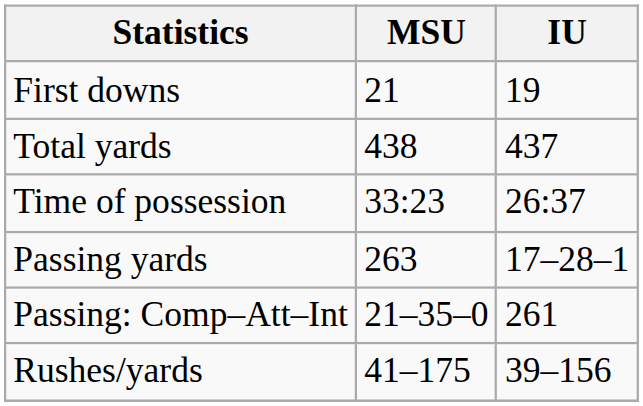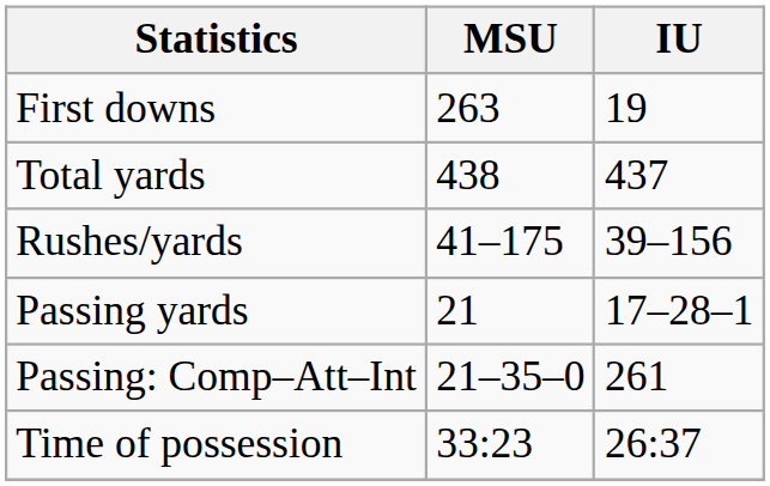 <table class="wikitable" style="float: left;">
 <tr>
 <th>Statistics</th>
 <th>MSU</th>
 <th>IU</th>
 </tr>
 <tr>
 <td>First downs</td>
-<td>21</td>
+<td>263</td>
 <td>19</td>
 </tr>
 <tr>
 <td>Total yards</td>
 <td>438</td>
 <td>437</td>
 </tr>
 <tr>
-<td>Time of possession</td>
-<td>33:23</td>
-<td>26:37</td>
+<td>Rushes/yards</td>
+<td>41–175</td>
+<td>39–156</td>
 </tr>
 <tr>
 <td>Passing yards</td>
-<td>263</td>
+<td>21</td>
 <td>17–28–1</td>
 </tr>
 <tr>
 <td>Passing: Comp–Att–Int</td>
 <td>21–35–0</td>
 <td>261</td>
 </tr>
 <tr>
-<td>Rushes/yards</td>
-<td>41–175</td>
-<td>39–156</td>
+<td>Time of possession</td>
+<td>33:23</td>
+<td>26:37</td>
 </tr>
 <tr>
 </tr>
 </table>
